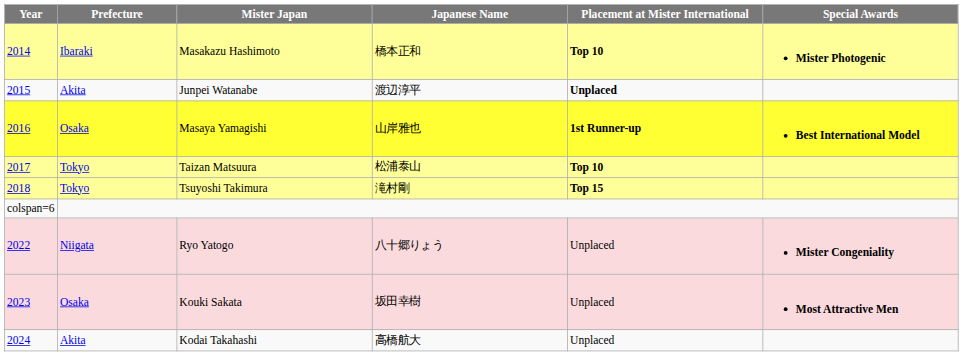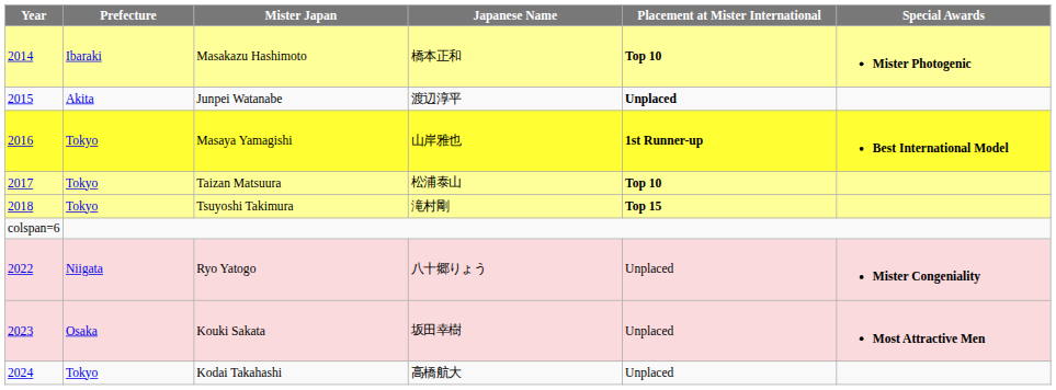 <table class="wikitable " style="font-size: 95%;">
 <tr>
 <th width="60" style="background-color:#787878;color:#FFFFFF;">Year</th>
 <th width="150" style="background-color:#787878;color:#FFFFFF;">Prefecture</th>
 <th width="250" style="background-color:#787878;color:#FFFFFF;">Mister Japan</th>
 <th width="250" style="background-color:#787878;color:#FFFFFF;">Japanese Name</th>
 <th width="250" style="background-color:#787878;color:#FFFFFF;">Placement at Mister International</th>
 <th width="250" style="background-color:#787878;color:#FFFFFF;">Special Awards</th>
 </tr>
 <tr style="background-color:#FFFF99">
 <td><a href='#'>2014</a></td>
 <td><a href='#'>Ibaraki</a></td>
 <td>Masakazu Hashimoto</td>
 <td>橋本正和</td>
 <td><strong>Top 10</strong></td>
 <td><br><ul><li><strong>Mister Photogenic</strong></li></ul></td>
 </tr>
 <tr>
 <td><a href='#'>2015</a></td>
 <td><a href='#'>Akita</a></td>
 <td>Junpei Watanabe</td>
 <td>渡辺淳平</td>
 <td><strong>Unplaced</strong></td>
 <td></td>
 </tr>
 <tr style="background-color:#FFFF33">
 <td><a href='#'>2016</a></td>
-<td><a href='#'>Osaka</a></td>
+<td><a href='#'>Tokyo</a></td>
 <td>Masaya Yamagishi</td>
 <td>山岸雅也</td>
 <td><strong>1st Runner-up</strong></td>
 <td><br><ul><li><strong>Best International Model</strong></li></ul></td>
 </tr>
 <tr style="background-color:#FFFF99">
 <td><a href='#'>2017</a></td>
 <td><a href='#'>Tokyo</a></td>
 <td>Taizan Matsuura</td>
 <td>松浦泰山</td>
 <td><strong>Top 10</strong></td>
 <td></td>
 </tr>
 <tr style="background-color:#FFFF99">
 <td><a href='#'>2018</a></td>
 <td><a href='#'>Tokyo</a></td>
 <td>Tsuyoshi Takimura</td>
 <td>滝村剛</td>
 <td><strong>Top 15</strong></td>
 <td></td>
 </tr>
 <tr>
 <td>colspan=6 </td>
 </tr>
 <tr style="background-color:#FADADD">
 <td><a href='#'>2022</a></td>
 <td><a href='#'>Niigata</a></td>
 <td>Ryo Yatogo</td>
 <td>八十郷りょう</td>
 <td>Unplaced</td>
 <td><br><ul><li><strong>Mister Congeniality</strong></li></ul></td>
 </tr>
 <tr style="background-color:#FADADD">
 <td><a href='#'>2023</a></td>
 <td><a href='#'>Osaka</a></td>
 <td>Kouki Sakata</td>
 <td>坂田幸樹</td>
 <td>Unplaced</td>
 <td><br><ul><li><strong>Most Attractive Men</strong></li></ul></td>
 </tr>
 <tr>
 <td><a href='#'>2024</a></td>
-<td><a href='#'>Akita</a></td>
+<td><a href='#'>Tokyo</a></td>
 <td>Kodai Takahashi</td>
 <td>高橋航大</td>
 <td>Unplaced</td>
 <td></td>
 </tr>
 </table>
